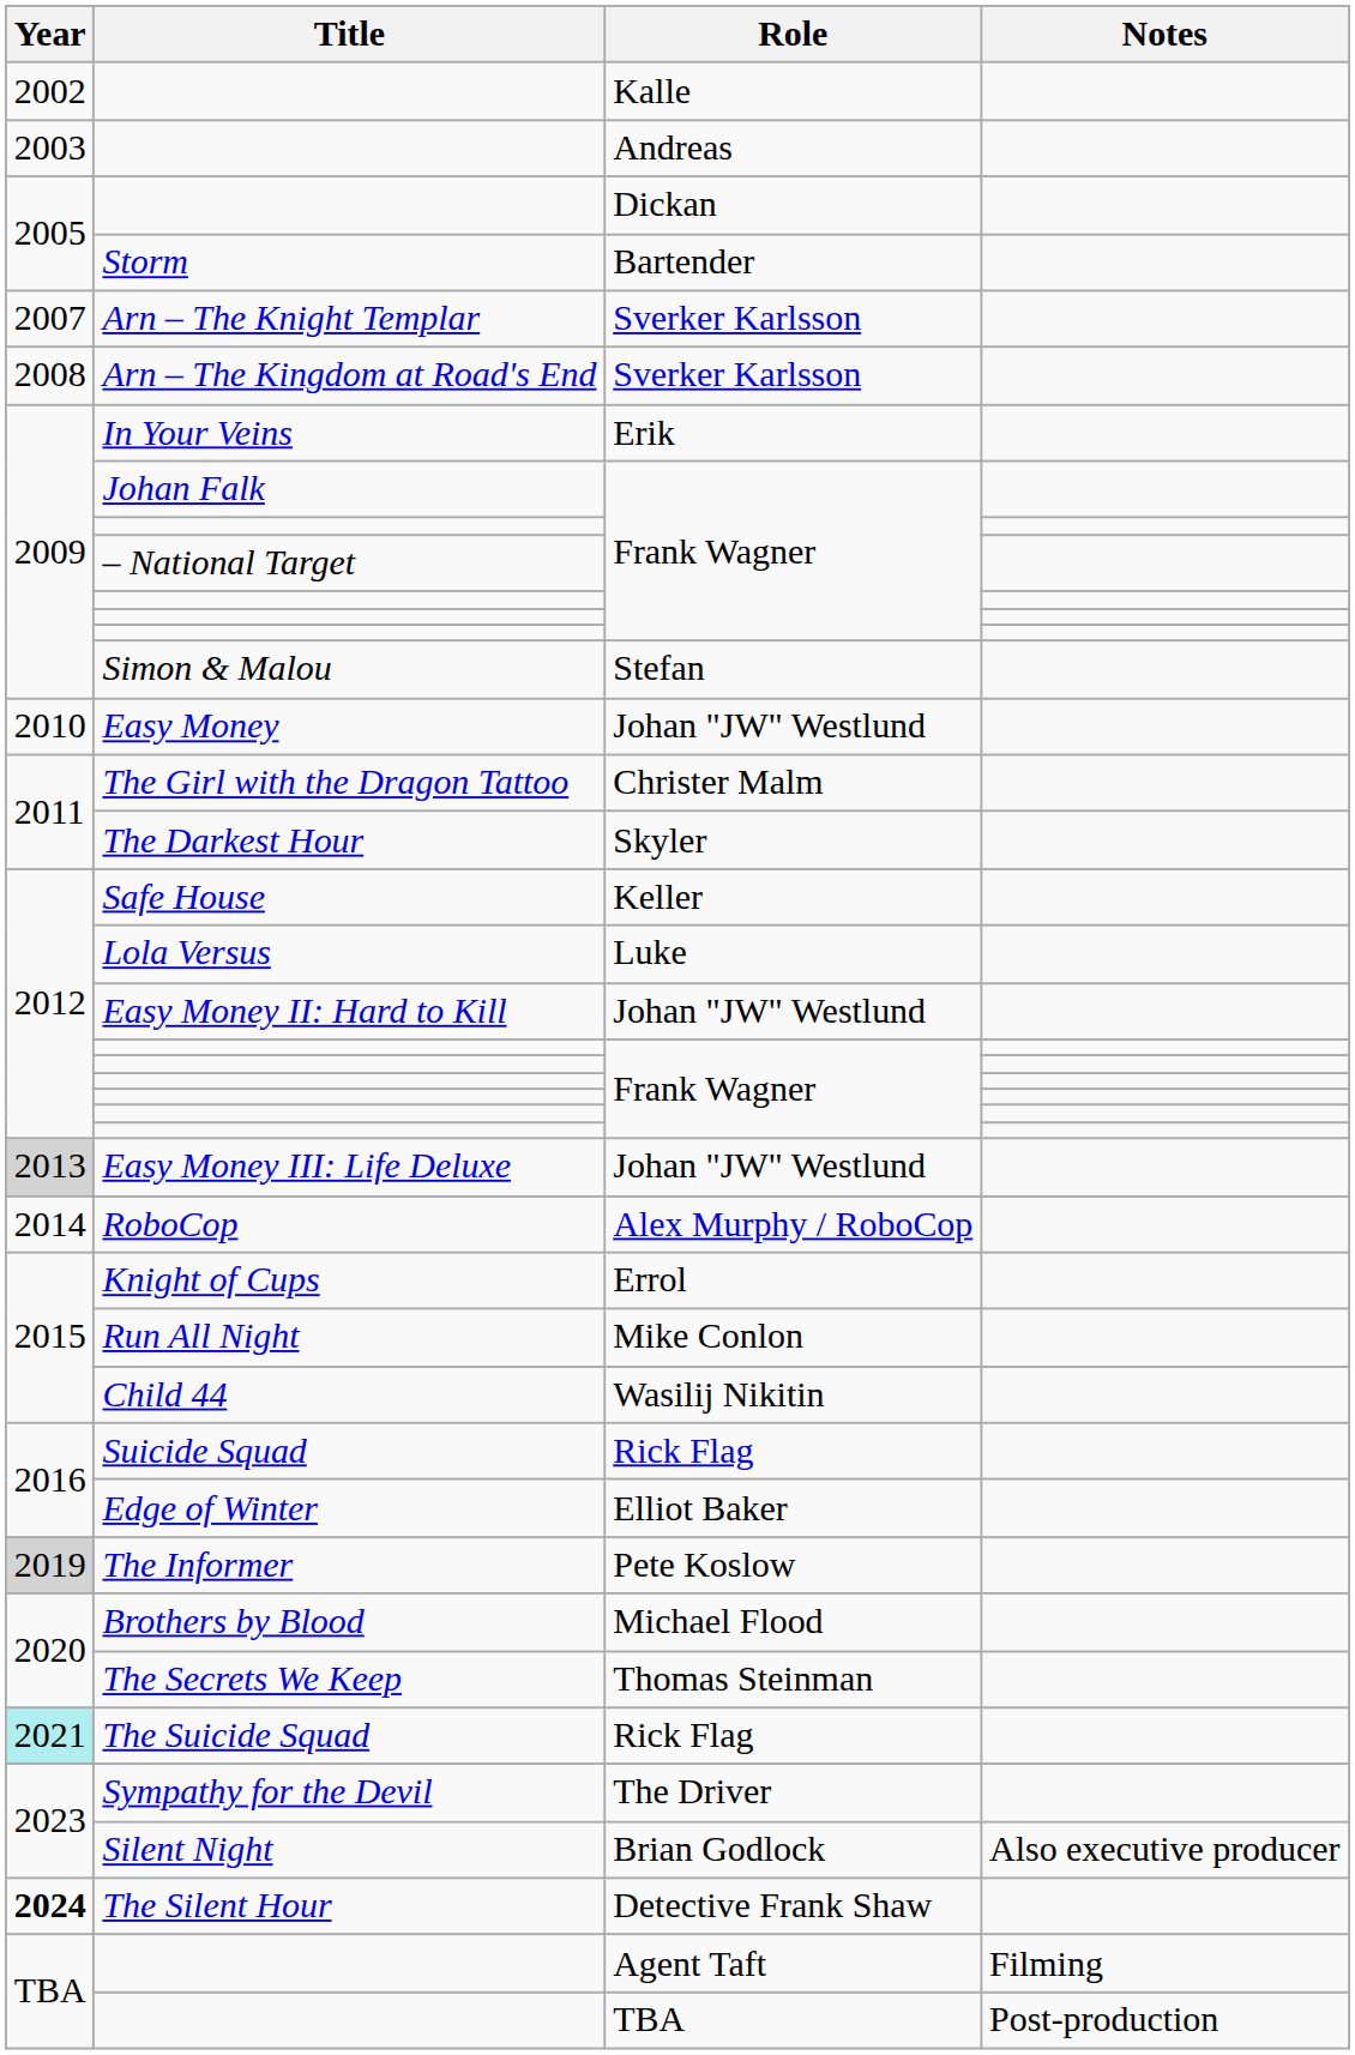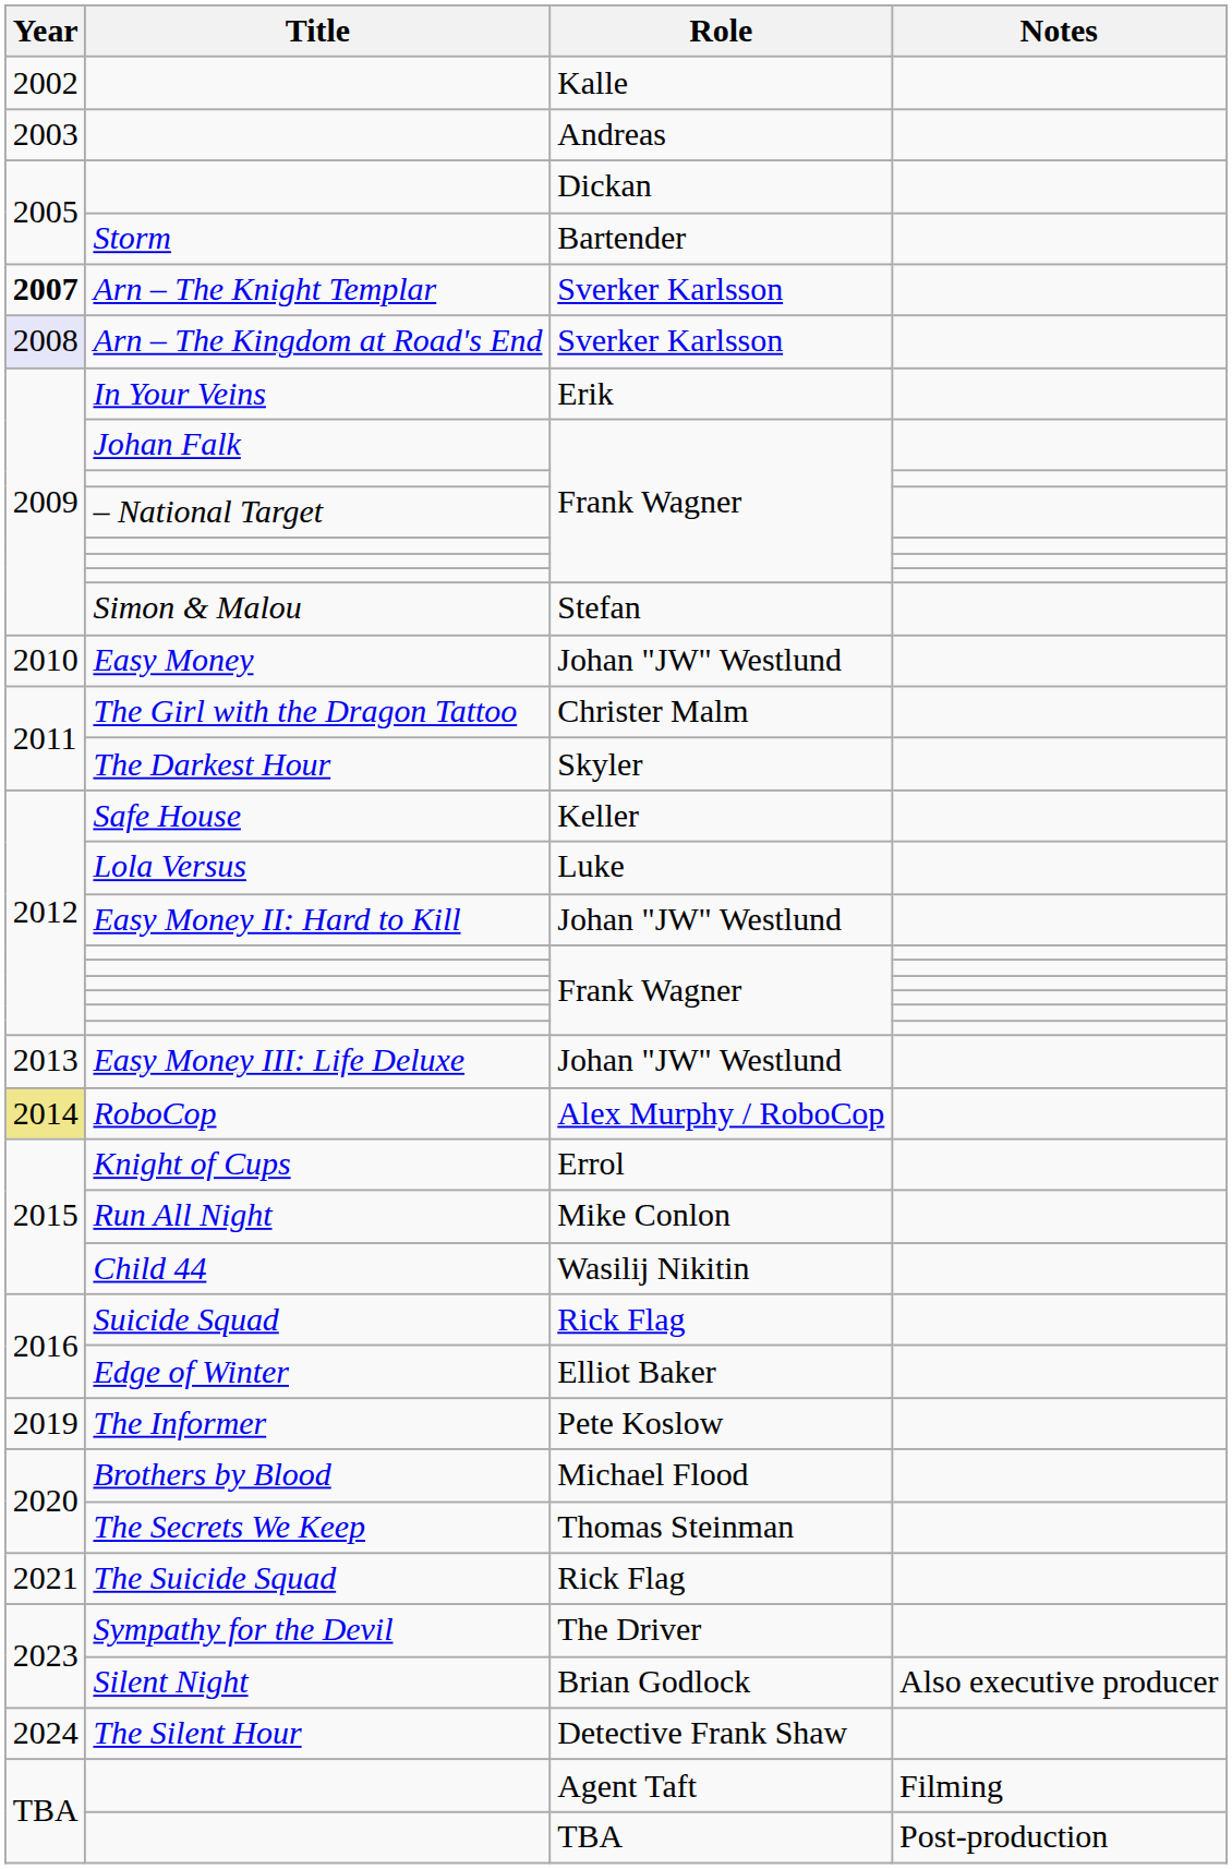 <table class="wikitable sortable">
 <tr>
 <th>Year</th>
 <th>Title</th>
 <th>Role</th>
 <th class="unsortable">Notes</th>
 </tr>
 <tr>
 <td>2002</td>
 <td><em></em></td>
 <td>Kalle</td>
 <td></td>
 </tr>
 <tr>
 <td>2003</td>
 <td><em></em></td>
 <td>Andreas</td>
 <td></td>
 </tr>
 <tr>
 <td rowspan="2">2005</td>
 <td><em></em></td>
 <td>Dickan</td>
 <td></td>
 </tr>
 <tr>
 <td><em><a href='#'>Storm</a></em></td>
 <td>Bartender</td>
 <td></td>
 </tr>
 <tr>
-<td>2007</td>
+<td><strong>2007</strong></td>
 <td><em><a href='#'>Arn – The Knight Templar</a></em></td>
 <td><a href='#'>Sverker Karlsson</a></td>
 <td></td>
 </tr>
 <tr>
-<td>2008</td>
+<td style="background: lavender;">2008</td>
 <td><em><a href='#'>Arn – The Kingdom at Road's End</a></em></td>
 <td><a href='#'>Sverker Karlsson</a></td>
 <td></td>
 </tr>
 <tr>
 <td rowspan="8">2009</td>
 <td><em><a href='#'>In Your Veins</a></em></td>
 <td>Erik</td>
 <td></td>
 </tr>
 <tr>
 <td><em><a href='#'>Johan Falk</a> </em></td>
 <td rowspan=6>Frank Wagner</td>
 <td></td>
 </tr>
 <tr>
 <td><em></em></td>
 <td></td>
 </tr>
 <tr>
 <td><em> – National Target</em></td>
 <td></td>
 </tr>
 <tr>
 <td><em></em></td>
 <td></td>
 </tr>
 <tr>
 <td><em></em></td>
 <td></td>
 </tr>
 <tr>
 <td><em></em></td>
 <td></td>
 </tr>
 <tr>
 <td><em>Simon & Malou</em></td>
 <td>Stefan</td>
 <td></td>
 </tr>
 <tr>
 <td>2010</td>
 <td><em><a href='#'>Easy Money</a></em></td>
 <td>Johan "JW" Westlund</td>
 <td></td>
 </tr>
 <tr>
 <td rowspan="2">2011</td>
 <td><em><a href='#'>The Girl with the Dragon Tattoo</a></em></td>
 <td>Christer Malm</td>
 <td></td>
 </tr>
 <tr>
 <td><em><a href='#'>The Darkest Hour</a></em></td>
 <td>Skyler</td>
 <td></td>
 </tr>
 <tr>
 <td rowspan="9">2012</td>
 <td><em><a href='#'>Safe House</a></em></td>
 <td>Keller</td>
 <td></td>
 </tr>
 <tr>
 <td><em><a href='#'>Lola Versus</a></em></td>
 <td>Luke</td>
 <td></td>
 </tr>
 <tr>
 <td><em><a href='#'>Easy Money II: Hard to Kill</a></em></td>
 <td>Johan "JW" Westlund</td>
 <td></td>
 </tr>
 <tr>
 <td><em></em></td>
 <td rowspan=6>Frank Wagner</td>
 <td></td>
 </tr>
 <tr>
 <td><em></em></td>
 <td></td>
 </tr>
 <tr>
 <td><em></em></td>
 <td></td>
 </tr>
 <tr>
 <td><em></em></td>
 <td></td>
 </tr>
 <tr>
 <td><em></em></td>
 <td></td>
 </tr>
 <tr>
 <td><em></em></td>
 <td></td>
 </tr>
 <tr>
-<td style="background: lightgrey;">2013</td>
+<td>2013</td>
 <td><em><a href='#'>Easy Money III: Life Deluxe</a></em></td>
 <td>Johan "JW" Westlund</td>
 <td></td>
 </tr>
 <tr>
-<td>2014</td>
+<td style="background: khaki;">2014</td>
 <td><em><a href='#'>RoboCop</a></em></td>
 <td><a href='#'>Alex Murphy / RoboCop</a></td>
 <td></td>
 </tr>
 <tr>
 <td rowspan="3">2015</td>
 <td><em><a href='#'>Knight of Cups</a></em></td>
 <td>Errol</td>
 <td></td>
 </tr>
 <tr>
 <td><em><a href='#'>Run All Night</a></em></td>
 <td>Mike Conlon</td>
 <td></td>
 </tr>
 <tr>
 <td><em><a href='#'>Child 44</a></em></td>
 <td>Wasilij Nikitin</td>
 <td></td>
 </tr>
 <tr>
 <td rowspan="2">2016</td>
 <td><em><a href='#'>Suicide Squad</a></em></td>
 <td><a href='#'>Rick Flag</a></td>
 <td></td>
 </tr>
 <tr>
 <td><em><a href='#'>Edge of Winter</a></em></td>
 <td>Elliot Baker</td>
 <td></td>
 </tr>
 <tr>
-<td style="background: lightgrey;">2019</td>
+<td>2019</td>
 <td><em><a href='#'>The Informer</a></em></td>
 <td>Pete Koslow</td>
 <td></td>
 </tr>
 <tr>
 <td rowspan="2">2020</td>
 <td><em><a href='#'>Brothers by Blood</a></em></td>
 <td>Michael Flood</td>
 <td></td>
 </tr>
 <tr>
 <td><em><a href='#'>The Secrets We Keep</a></em></td>
 <td>Thomas Steinman</td>
 <td></td>
 </tr>
 <tr>
-<td style="background: paleturquoise;">2021</td>
+<td>2021</td>
 <td><em><a href='#'>The Suicide Squad</a></em></td>
 <td>Rick Flag</td>
 <td></td>
 </tr>
 <tr>
 <td rowspan="2">2023</td>
 <td><em><a href='#'>Sympathy for the Devil</a></em></td>
 <td>The Driver</td>
 <td></td>
 </tr>
 <tr>
 <td><em><a href='#'>Silent Night</a></em></td>
 <td>Brian Godlock</td>
 <td>Also executive producer</td>
 </tr>
 <tr>
-<td><strong>2024</strong></td>
+<td>2024</td>
 <td><em><a href='#'>The Silent Hour</a></em></td>
 <td>Detective Frank Shaw</td>
 <td></td>
 </tr>
 <tr>
 <td rowspan="2">TBA</td>
 <td></td>
 <td>Agent Taft</td>
 <td>Filming</td>
 </tr>
 <tr>
 <td></td>
 <td>TBA</td>
 <td>Post-production</td>
 </tr>
 </table>
